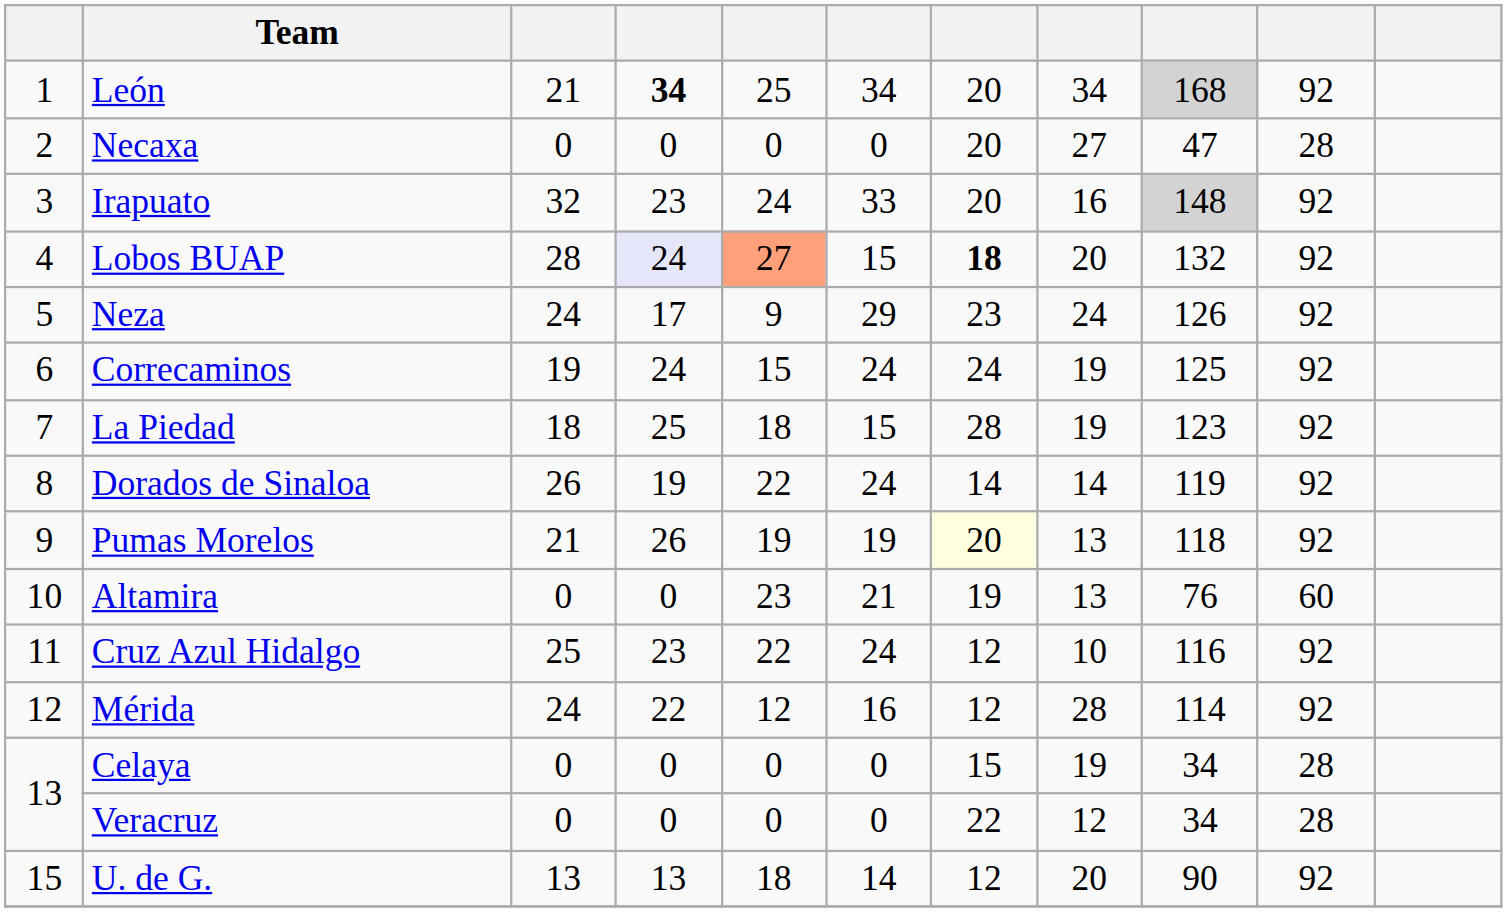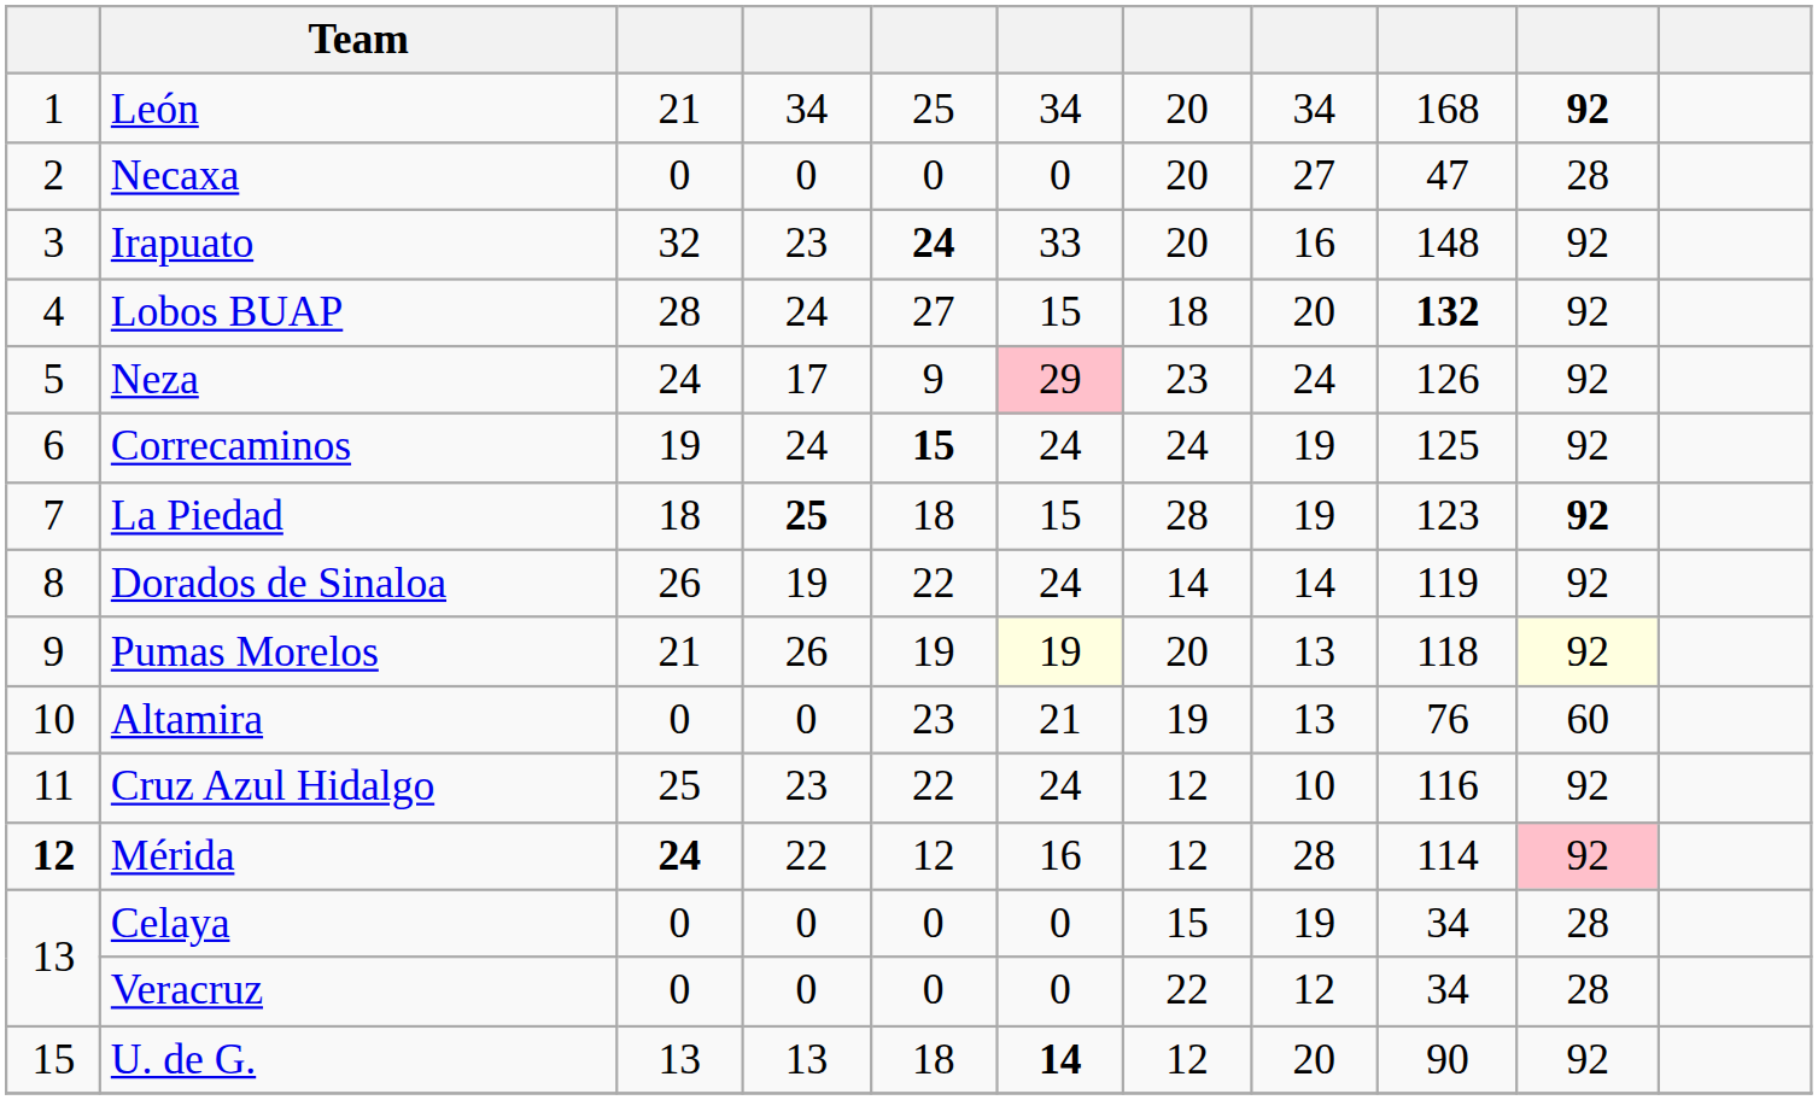 <table class="wikitable sortable" style="text-align: center;">
 <tr>
 <th width=28><br></th>
 <th width=185>Team</th>
 <th width=40></th>
 <th width=40></th>
 <th width=40></th>
 <th width=40></th>
 <th width=40></th>
 <th width=40></th>
 <th width=45></th>
 <th width=45></th>
 <th width=50><br></th>
 </tr>
 <tr>
 <td>1</td>
 <td align=left><a href='#'>León</a></td>
 <td>21</td>
-<td><strong>34</strong></td>
+<td>34</td>
 <td>25</td>
 <td>34</td>
 <td>20</td>
 <td>34</td>
-<td style="background: lightgrey;">168</td>
-<td>92</td>
+<td>168</td>
+<td><strong>92</strong></td>
 <td><strong></strong></td>
 </tr>
 <tr>
 <td>2</td>
 <td align=left><a href='#'>Necaxa</a></td>
 <td>0</td>
 <td>0</td>
 <td>0</td>
 <td>0</td>
 <td>20</td>
 <td>27</td>
 <td>47</td>
 <td>28</td>
 <td><strong></strong></td>
 </tr>
 <tr>
 <td>3</td>
 <td align=left><a href='#'>Irapuato</a></td>
 <td>32</td>
 <td>23</td>
-<td>24</td>
+<td><strong>24</strong></td>
 <td>33</td>
 <td>20</td>
 <td>16</td>
-<td style="background: lightgrey;">148</td>
+<td>148</td>
 <td>92</td>
 <td><strong></strong></td>
 </tr>
 <tr>
 <td>4</td>
 <td align=left><a href='#'>Lobos BUAP</a></td>
 <td>28</td>
-<td style="background: lavender;">24</td>
-<td style="background: lightsalmon;">27</td>
+<td>24</td>
+<td>27</td>
 <td>15</td>
-<td><strong>18</strong></td>
+<td>18</td>
 <td>20</td>
-<td>132</td>
+<td><strong>132</strong></td>
 <td>92</td>
 <td><strong></strong></td>
 </tr>
 <tr>
 <td>5</td>
 <td align=left><a href='#'>Neza</a></td>
 <td>24</td>
 <td>17</td>
 <td>9</td>
-<td>29</td>
+<td style="background: pink;">29</td>
 <td>23</td>
 <td>24</td>
 <td>126</td>
 <td>92</td>
 <td><strong></strong></td>
 </tr>
 <tr>
 <td>6</td>
 <td align=left><a href='#'>Correcaminos</a></td>
 <td>19</td>
 <td>24</td>
-<td>15</td>
+<td><strong>15</strong></td>
 <td>24</td>
 <td>24</td>
 <td>19</td>
 <td>125</td>
 <td>92</td>
 <td><strong></strong></td>
 </tr>
 <tr>
 <td>7</td>
 <td align=left><a href='#'>La Piedad</a></td>
 <td>18</td>
-<td>25</td>
+<td><strong>25</strong></td>
 <td>18</td>
 <td>15</td>
 <td>28</td>
 <td>19</td>
 <td>123</td>
-<td>92</td>
+<td><strong>92</strong></td>
 <td><strong></strong></td>
 </tr>
 <tr>
 <td>8</td>
 <td align=left><a href='#'>Dorados de Sinaloa</a></td>
 <td>26</td>
 <td>19</td>
 <td>22</td>
 <td>24</td>
 <td>14</td>
 <td>14</td>
 <td>119</td>
 <td>92</td>
 <td><strong></strong></td>
 </tr>
 <tr>
 <td>9</td>
 <td align=left><a href='#'>Pumas Morelos</a></td>
 <td>21</td>
 <td>26</td>
 <td>19</td>
-<td>19</td>
-<td style="background: lightyellow;">20</td>
+<td style="background: lightyellow;">19</td>
+<td>20</td>
 <td>13</td>
 <td>118</td>
-<td>92</td>
+<td style="background: lightyellow;">92</td>
 <td><strong></strong></td>
 </tr>
 <tr>
 <td>10</td>
 <td align=left><a href='#'>Altamira</a></td>
 <td>0</td>
 <td>0</td>
 <td>23</td>
 <td>21</td>
 <td>19</td>
 <td>13</td>
 <td>76</td>
 <td>60</td>
 <td><strong></strong></td>
 </tr>
 <tr>
 <td>11</td>
 <td align=left><a href='#'>Cruz Azul Hidalgo</a></td>
 <td>25</td>
 <td>23</td>
 <td>22</td>
 <td>24</td>
 <td>12</td>
 <td>10</td>
 <td>116</td>
 <td>92</td>
 <td><strong></strong></td>
 </tr>
 <tr>
-<td>12</td>
+<td><strong>12</strong></td>
 <td align=left><a href='#'>Mérida</a></td>
-<td>24</td>
+<td><strong>24</strong></td>
 <td>22</td>
 <td>12</td>
 <td>16</td>
 <td>12</td>
 <td>28</td>
 <td>114</td>
-<td>92</td>
+<td style="background: pink;">92</td>
 <td><strong></strong></td>
 </tr>
 <tr>
 <td rowspan=2>13</td>
 <td align=left><a href='#'>Celaya</a></td>
 <td>0</td>
 <td>0</td>
 <td>0</td>
 <td>0</td>
 <td>15</td>
 <td>19</td>
 <td>34</td>
 <td>28</td>
 <td><strong></strong></td>
 </tr>
 <tr>
 <td align=left><a href='#'>Veracruz</a></td>
 <td>0</td>
 <td>0</td>
 <td>0</td>
 <td>0</td>
 <td>22</td>
 <td>12</td>
 <td>34</td>
 <td>28</td>
 <td><strong></strong></td>
 </tr>
 <tr>
 <td>15</td>
 <td align=left><a href='#'>U. de G.</a></td>
 <td>13</td>
 <td>13</td>
 <td>18</td>
-<td>14</td>
+<td><strong>14</strong></td>
 <td>12</td>
 <td>20</td>
 <td>90</td>
 <td>92</td>
 <td><strong></strong></td>
 </tr>
 <tr>
 </tr>
 </table>
